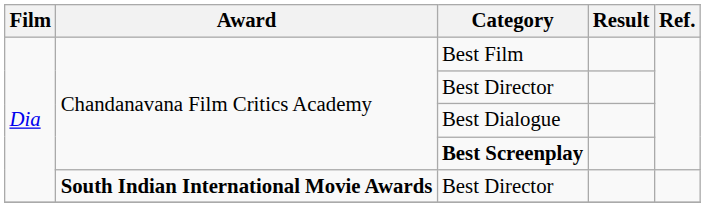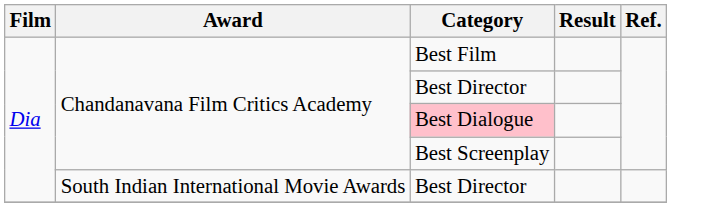 <table class=wikitable>
 <tr>
 <th>Film</th>
 <th>Award</th>
 <th>Category</th>
 <th>Result</th>
 <th>Ref.</th>
 </tr>
 <tr>
 <td rowspan=5><em><a href='#'>Dia</a></em></td>
 <td rowspan=4>Chandanavana Film Critics Academy</td>
 <td>Best Film</td>
 <td></td>
 <td rowspan=4></td>
 </tr>
 <tr>
 <td>Best Director</td>
 <td></td>
 </tr>
 <tr>
-<td>Best Dialogue</td>
+<td style="background: pink;">Best Dialogue</td>
 <td></td>
 </tr>
 <tr>
-<td><strong>Best Screenplay</strong></td>
+<td>Best Screenplay</td>
 <td></td>
 </tr>
 <tr>
-<td rowspan=1><strong>South Indian International Movie Awards</strong></td>
+<td rowspan=1>South Indian International Movie Awards</td>
 <td>Best Director</td>
 <td></td>
 <td></td>
 </tr>
 <tr>
 </tr>
 </table>
